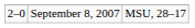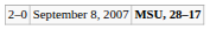 <table class="wikitable">
 <tr align="center">
 </tr>
 <tr align="center">
 <td>2–0</td>
 <td>September 8, 2007</td>
-<td>MSU, 28–17</td>
+<td><strong>MSU, 28–17</strong></td>
 </tr>
 </table>
